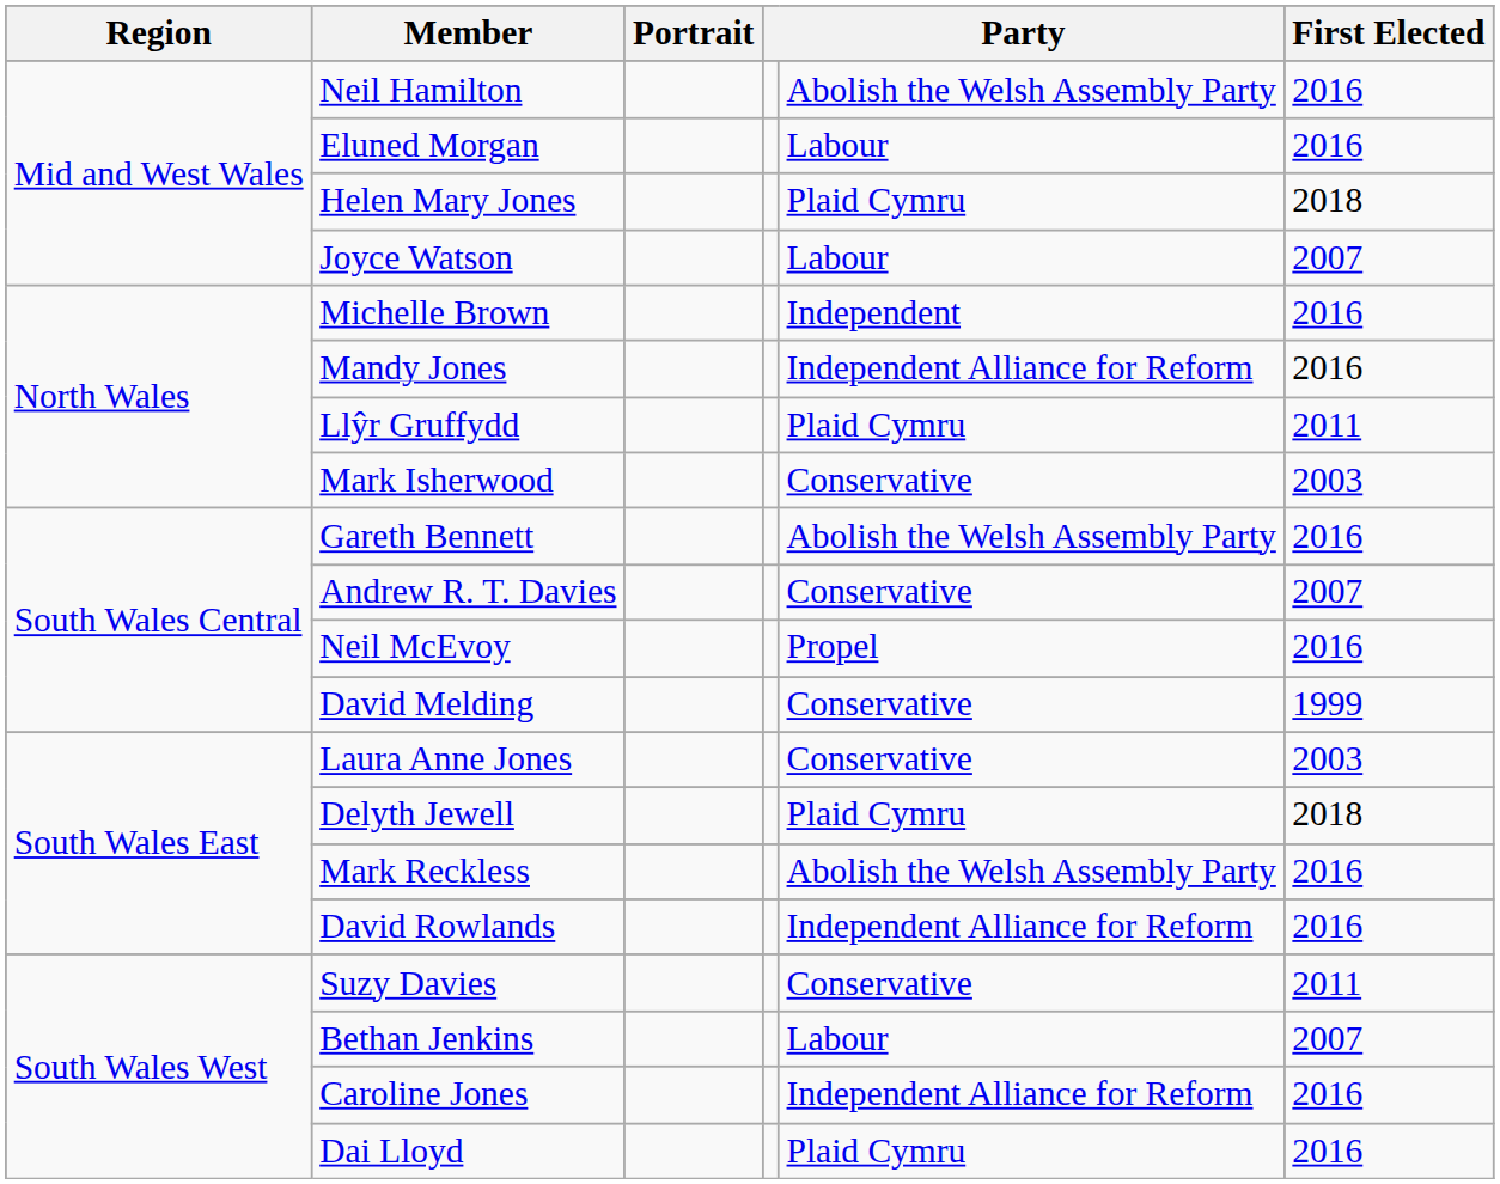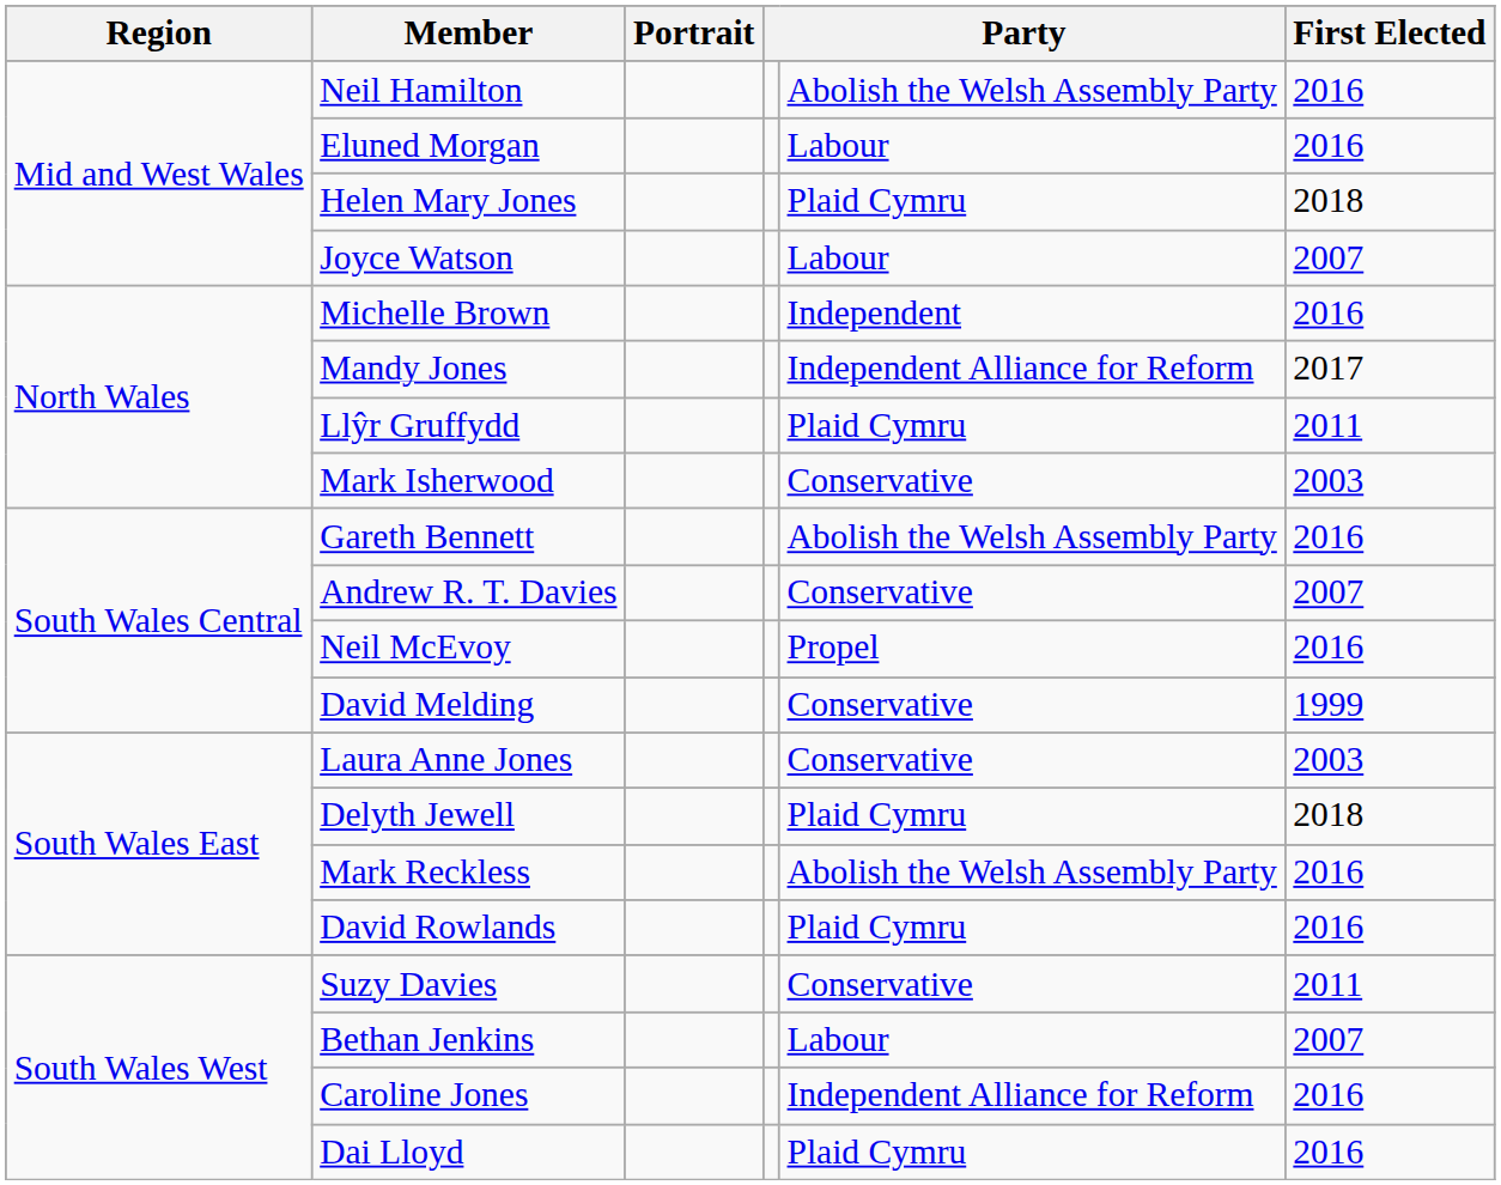 <table class="wikitable">
 <tr>
 <th>Region</th>
 <th>Member</th>
 <th>Portrait</th>
 <th colspan="2">Party</th>
 <th>First Elected</th>
 </tr>
 <tr>
 <td rowspan="4"><a href='#'>Mid and West Wales</a></td>
 <td><a href='#'>Neil Hamilton</a></td>
 <td></td>
 <td style="color:inherit;background:"></td>
 <td><a href='#'>Abolish the Welsh Assembly Party</a></td>
 <td><a href='#'>2016</a></td>
 </tr>
 <tr>
 <td><a href='#'>Eluned Morgan</a></td>
 <td></td>
 <td style="color:inherit;background:"></td>
 <td><a href='#'>Labour</a></td>
 <td><a href='#'>2016</a></td>
 </tr>
 <tr>
 <td><a href='#'>Helen Mary Jones</a></td>
 <td></td>
 <td style="color:inherit;background:"></td>
 <td><a href='#'>Plaid Cymru</a></td>
 <td>2018</td>
 </tr>
 <tr>
 <td><a href='#'>Joyce Watson</a></td>
 <td></td>
 <td style="color:inherit;background:"></td>
 <td><a href='#'>Labour</a></td>
 <td><a href='#'>2007</a></td>
 </tr>
 <tr>
 <td rowspan="4"><a href='#'>North Wales</a></td>
 <td><a href='#'>Michelle Brown</a></td>
 <td></td>
 <td style="color:inherit;background:"></td>
 <td><a href='#'>Independent</a></td>
 <td><a href='#'>2016</a></td>
 </tr>
 <tr>
 <td><a href='#'>Mandy Jones</a></td>
 <td></td>
 <td style="color:inherit;background:"></td>
 <td><a href='#'>Independent Alliance for Reform</a></td>
-<td>2016</td>
+<td>2017</td>
 </tr>
 <tr>
 <td><a href='#'>Llŷr Gruffydd</a></td>
 <td></td>
 <td style="color:inherit;background:"></td>
 <td><a href='#'>Plaid Cymru</a></td>
 <td><a href='#'>2011</a></td>
 </tr>
 <tr>
 <td><a href='#'>Mark Isherwood</a></td>
 <td></td>
 <td style="color:inherit;background:"></td>
 <td><a href='#'>Conservative</a></td>
 <td><a href='#'>2003</a></td>
 </tr>
 <tr>
 <td rowspan="4"><a href='#'>South Wales Central</a></td>
 <td><a href='#'>Gareth Bennett</a></td>
 <td></td>
 <td style="color:inherit;background:"></td>
 <td><a href='#'>Abolish the Welsh Assembly Party</a></td>
 <td><a href='#'>2016</a></td>
 </tr>
 <tr>
 <td><a href='#'>Andrew R. T. Davies</a></td>
 <td></td>
 <td style="color:inherit;background:"></td>
 <td><a href='#'>Conservative</a></td>
 <td><a href='#'>2007</a></td>
 </tr>
 <tr>
 <td><a href='#'>Neil McEvoy</a></td>
 <td></td>
 <td style="color:inherit;background:"></td>
 <td><a href='#'>Propel</a></td>
 <td><a href='#'>2016</a></td>
 </tr>
 <tr>
 <td><a href='#'>David Melding</a></td>
 <td></td>
 <td style="color:inherit;background:"></td>
 <td><a href='#'>Conservative</a></td>
 <td><a href='#'>1999</a></td>
 </tr>
 <tr>
 <td rowspan="4"><a href='#'>South Wales East</a></td>
 <td><a href='#'>Laura Anne Jones</a></td>
 <td></td>
 <td style="color:inherit;background:"></td>
 <td><a href='#'>Conservative</a></td>
 <td><a href='#'>2003</a></td>
 </tr>
 <tr>
 <td><a href='#'>Delyth Jewell</a></td>
 <td></td>
 <td style="color:inherit;background:"></td>
 <td><a href='#'>Plaid Cymru</a></td>
 <td>2018</td>
 </tr>
 <tr>
 <td><a href='#'>Mark Reckless</a></td>
 <td></td>
 <td style="color:inherit;background:"></td>
 <td><a href='#'>Abolish the Welsh Assembly Party</a></td>
 <td><a href='#'>2016</a></td>
 </tr>
 <tr>
 <td><a href='#'>David Rowlands</a></td>
 <td></td>
 <td style="color:inherit;background:"></td>
-<td><a href='#'>Independent Alliance for Reform</a></td>
+<td><a href='#'>Plaid Cymru</a></td>
 <td><a href='#'>2016</a></td>
 </tr>
 <tr>
 <td rowspan="4"><a href='#'>South Wales West</a></td>
 <td><a href='#'>Suzy Davies</a></td>
 <td></td>
 <td style="color:inherit;background:"></td>
 <td><a href='#'>Conservative</a></td>
 <td><a href='#'>2011</a></td>
 </tr>
 <tr>
 <td><a href='#'>Bethan Jenkins</a></td>
 <td></td>
 <td style="color:inherit;background:"></td>
 <td><a href='#'>Labour</a></td>
 <td><a href='#'>2007</a></td>
 </tr>
 <tr>
 <td><a href='#'>Caroline Jones</a></td>
 <td></td>
 <td style="color:inherit;background:"></td>
 <td><a href='#'>Independent Alliance for Reform</a></td>
 <td><a href='#'>2016</a></td>
 </tr>
 <tr>
 <td><a href='#'>Dai Lloyd</a></td>
 <td></td>
 <td style="color:inherit;background:"></td>
 <td><a href='#'>Plaid Cymru</a></td>
 <td><a href='#'>2016</a></td>
 </tr>
 </table>
